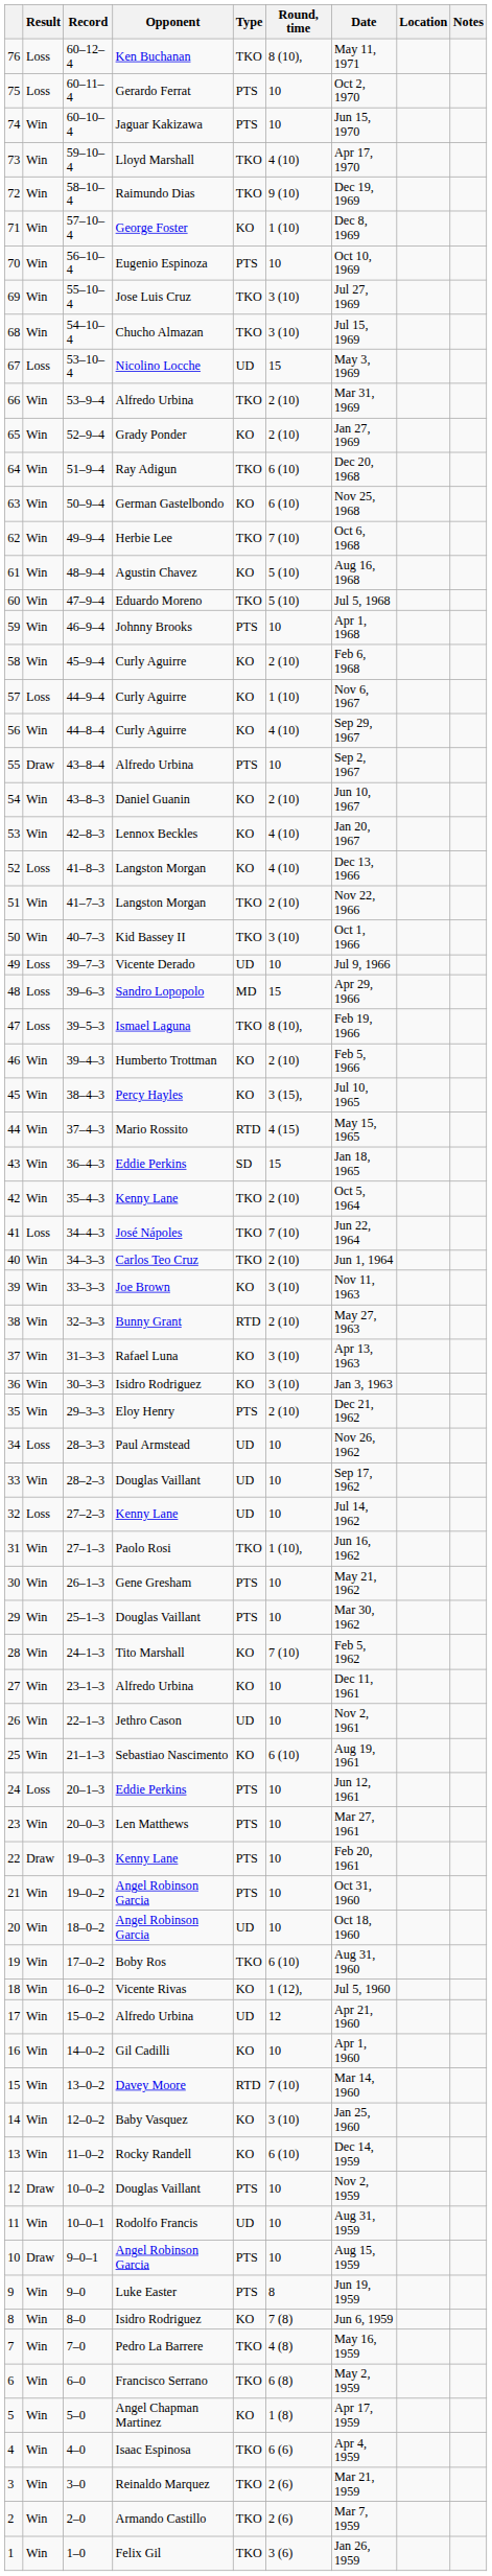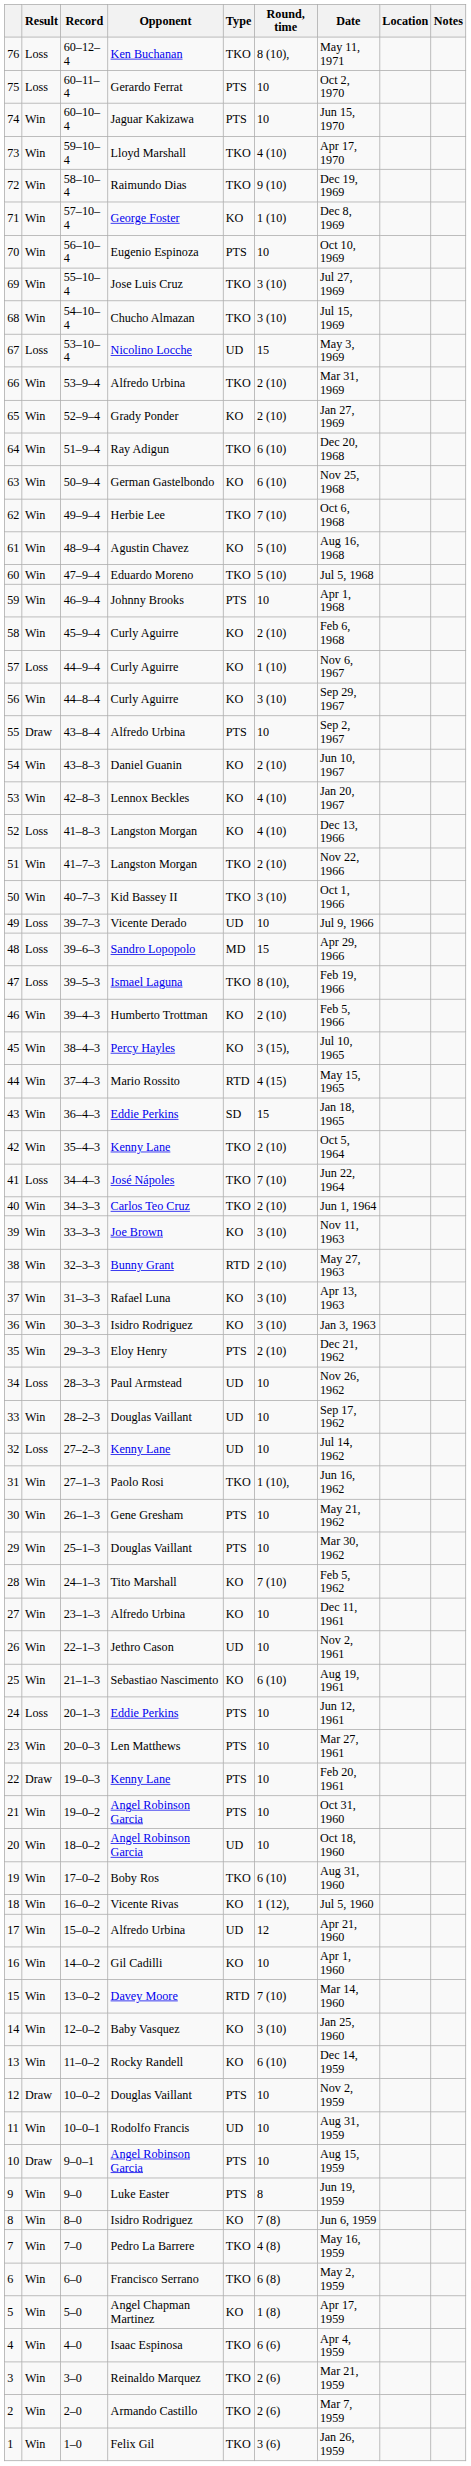 <table class="wikitable" style=align:center>
 <tr>
 <th></th>
 <th>Result</th>
 <th>Record</th>
 <th>Opponent</th>
 <th>Type</th>
 <th>Round, time</th>
 <th>Date</th>
 <th>Location</th>
 <th>Notes</th>
 </tr>
 <tr>
 <td>76</td>
 <td>Loss</td>
 <td>60–12–4</td>
 <td align=left><a href='#'>Ken Buchanan</a></td>
 <td>TKO</td>
 <td>8 (10), </td>
 <td>May 11, 1971</td>
 <td align=left></td>
 <td align=left></td>
 </tr>
 <tr>
 <td>75</td>
 <td>Loss</td>
 <td>60–11–4</td>
 <td align=left>Gerardo Ferrat</td>
 <td>PTS</td>
 <td>10</td>
 <td>Oct 2, 1970</td>
 <td align=left></td>
 <td align=left></td>
 </tr>
 <tr>
 <td>74</td>
 <td>Win</td>
 <td>60–10–4</td>
 <td align=left>Jaguar Kakizawa</td>
 <td>PTS</td>
 <td>10</td>
 <td>Jun 15, 1970</td>
 <td align=left></td>
 <td align=left></td>
 </tr>
 <tr>
 <td>73</td>
 <td>Win</td>
 <td>59–10–4</td>
 <td align=left>Lloyd Marshall</td>
 <td>TKO</td>
 <td>4 (10)</td>
 <td>Apr 17, 1970</td>
 <td align=left></td>
 <td align=left></td>
 </tr>
 <tr>
 <td>72</td>
 <td>Win</td>
 <td>58–10–4</td>
 <td align=left>Raimundo Dias</td>
 <td>TKO</td>
 <td>9 (10)</td>
 <td>Dec 19, 1969</td>
 <td align=left></td>
 <td align=left></td>
 </tr>
 <tr>
 <td>71</td>
 <td>Win</td>
 <td>57–10–4</td>
 <td align=left><a href='#'>George Foster</a></td>
 <td>KO</td>
 <td>1 (10)</td>
 <td>Dec 8, 1969</td>
 <td align=left></td>
 <td align=left></td>
 </tr>
 <tr>
 <td>70</td>
 <td>Win</td>
 <td>56–10–4</td>
 <td align=left>Eugenio Espinoza</td>
 <td>PTS</td>
 <td>10</td>
 <td>Oct 10, 1969</td>
 <td align=left></td>
 <td align=left></td>
 </tr>
 <tr>
 <td>69</td>
 <td>Win</td>
 <td>55–10–4</td>
 <td align=left>Jose Luis Cruz</td>
 <td>TKO</td>
 <td>3 (10)</td>
 <td>Jul 27, 1969</td>
 <td align=left></td>
 <td align=left></td>
 </tr>
 <tr>
 <td>68</td>
 <td>Win</td>
 <td>54–10–4</td>
 <td align=left>Chucho Almazan</td>
 <td>TKO</td>
 <td>3 (10)</td>
 <td>Jul 15, 1969</td>
 <td align=left></td>
 <td align=left></td>
 </tr>
 <tr>
 <td>67</td>
 <td>Loss</td>
 <td>53–10–4</td>
 <td align=left><a href='#'>Nicolino Locche</a></td>
 <td>UD</td>
 <td>15</td>
 <td>May 3, 1969</td>
 <td align=left></td>
 <td align=left></td>
 </tr>
 <tr>
 <td>66</td>
 <td>Win</td>
 <td>53–9–4</td>
 <td align=left>Alfredo Urbina</td>
 <td>TKO</td>
 <td>2 (10)</td>
 <td>Mar 31, 1969</td>
 <td align=left></td>
 <td align=left></td>
 </tr>
 <tr>
 <td>65</td>
 <td>Win</td>
 <td>52–9–4</td>
 <td align=left>Grady Ponder</td>
 <td>KO</td>
 <td>2 (10)</td>
 <td>Jan 27, 1969</td>
 <td align=left></td>
 <td align=left></td>
 </tr>
 <tr>
 <td>64</td>
 <td>Win</td>
 <td>51–9–4</td>
 <td align=left>Ray Adigun</td>
 <td>TKO</td>
 <td>6 (10)</td>
 <td>Dec 20, 1968</td>
 <td align=left></td>
 <td align=left></td>
 </tr>
 <tr>
 <td>63</td>
 <td>Win</td>
 <td>50–9–4</td>
 <td align=left>German Gastelbondo</td>
 <td>KO</td>
 <td>6 (10)</td>
 <td>Nov 25, 1968</td>
 <td align=left></td>
 <td align=left></td>
 </tr>
 <tr>
 <td>62</td>
 <td>Win</td>
 <td>49–9–4</td>
 <td align=left>Herbie Lee</td>
 <td>TKO</td>
 <td>7 (10)</td>
 <td>Oct 6, 1968</td>
 <td align=left></td>
 <td align=left></td>
 </tr>
 <tr>
 <td>61</td>
 <td>Win</td>
 <td>48–9–4</td>
 <td align=left>Agustin Chavez</td>
 <td>KO</td>
 <td>5 (10)</td>
 <td>Aug 16, 1968</td>
 <td align=left></td>
 <td align=left></td>
 </tr>
 <tr>
 <td>60</td>
 <td>Win</td>
 <td>47–9–4</td>
 <td align=left>Eduardo Moreno</td>
 <td>TKO</td>
 <td>5 (10)</td>
 <td>Jul 5, 1968</td>
 <td align=left></td>
 <td align=left></td>
 </tr>
 <tr>
 <td>59</td>
 <td>Win</td>
 <td>46–9–4</td>
 <td align=left>Johnny Brooks</td>
 <td>PTS</td>
 <td>10</td>
 <td>Apr 1, 1968</td>
 <td align=left></td>
 <td align=left></td>
 </tr>
 <tr>
 <td>58</td>
 <td>Win</td>
 <td>45–9–4</td>
 <td align=left>Curly Aguirre</td>
 <td>KO</td>
 <td>2 (10)</td>
 <td>Feb 6, 1968</td>
 <td align=left></td>
 <td align=left></td>
 </tr>
 <tr>
 <td>57</td>
 <td>Loss</td>
 <td>44–9–4</td>
 <td align=left>Curly Aguirre</td>
 <td>KO</td>
 <td>1 (10)</td>
 <td>Nov 6, 1967</td>
 <td align=left></td>
 <td align=left></td>
 </tr>
 <tr>
 <td>56</td>
 <td>Win</td>
 <td>44–8–4</td>
 <td align=left>Curly Aguirre</td>
 <td>KO</td>
-<td>4 (10)</td>
+<td>3 (10)</td>
 <td>Sep 29, 1967</td>
 <td align=left></td>
 <td align=left></td>
 </tr>
 <tr>
 <td>55</td>
 <td>Draw</td>
 <td>43–8–4</td>
 <td align=left>Alfredo Urbina</td>
 <td>PTS</td>
 <td>10</td>
 <td>Sep 2, 1967</td>
 <td align=left></td>
 <td align=left></td>
 </tr>
 <tr>
 <td>54</td>
 <td>Win</td>
 <td>43–8–3</td>
 <td align=left>Daniel Guanin</td>
 <td>KO</td>
 <td>2 (10)</td>
 <td>Jun 10, 1967</td>
 <td align=left></td>
 <td align=left></td>
 </tr>
 <tr>
 <td>53</td>
 <td>Win</td>
 <td>42–8–3</td>
 <td align=left>Lennox Beckles</td>
 <td>KO</td>
 <td>4 (10)</td>
 <td>Jan 20, 1967</td>
 <td align=left></td>
 <td align=left></td>
 </tr>
 <tr>
 <td>52</td>
 <td>Loss</td>
 <td>41–8–3</td>
 <td align=left>Langston Morgan</td>
 <td>KO</td>
 <td>4 (10)</td>
 <td>Dec 13, 1966</td>
 <td align=left></td>
 <td align=left></td>
 </tr>
 <tr>
 <td>51</td>
 <td>Win</td>
 <td>41–7–3</td>
 <td align=left>Langston Morgan</td>
 <td>TKO</td>
 <td>2 (10)</td>
 <td>Nov 22, 1966</td>
 <td align=left></td>
 <td align=left></td>
 </tr>
 <tr>
 <td>50</td>
 <td>Win</td>
 <td>40–7–3</td>
 <td align=left>Kid Bassey II</td>
 <td>TKO</td>
 <td>3 (10)</td>
 <td>Oct 1, 1966</td>
 <td align=left></td>
 <td align=left></td>
 </tr>
 <tr>
 <td>49</td>
 <td>Loss</td>
 <td>39–7–3</td>
 <td align=left>Vicente Derado</td>
 <td>UD</td>
 <td>10</td>
 <td>Jul 9, 1966</td>
 <td align=left></td>
 <td align=left></td>
 </tr>
 <tr>
 <td>48</td>
 <td>Loss</td>
 <td>39–6–3</td>
 <td align=left><a href='#'>Sandro Lopopolo</a></td>
 <td>MD</td>
 <td>15</td>
 <td>Apr 29, 1966</td>
 <td align=left></td>
 <td align=left></td>
 </tr>
 <tr>
 <td>47</td>
 <td>Loss</td>
 <td>39–5–3</td>
 <td align=left><a href='#'>Ismael Laguna</a></td>
 <td>TKO</td>
 <td>8 (10), </td>
 <td>Feb 19, 1966</td>
 <td align=left></td>
 <td align=left></td>
 </tr>
 <tr>
 <td>46</td>
 <td>Win</td>
 <td>39–4–3</td>
 <td align=left>Humberto Trottman</td>
 <td>KO</td>
 <td>2 (10)</td>
 <td>Feb 5, 1966</td>
 <td align=left></td>
 <td align=left></td>
 </tr>
 <tr>
 <td>45</td>
 <td>Win</td>
 <td>38–4–3</td>
 <td align=left><a href='#'>Percy Hayles</a></td>
 <td>KO</td>
 <td>3 (15), </td>
 <td>Jul 10, 1965</td>
 <td align=left></td>
 <td align=left></td>
 </tr>
 <tr>
 <td>44</td>
 <td>Win</td>
 <td>37–4–3</td>
 <td align=left>Mario Rossito</td>
 <td>RTD</td>
 <td>4 (15)</td>
 <td>May 15, 1965</td>
 <td align=left></td>
 <td align=left></td>
 </tr>
 <tr>
 <td>43</td>
 <td>Win</td>
 <td>36–4–3</td>
 <td align=left><a href='#'>Eddie Perkins</a></td>
 <td>SD</td>
 <td>15</td>
 <td>Jan 18, 1965</td>
 <td align=left></td>
 <td align=left></td>
 </tr>
 <tr>
 <td>42</td>
 <td>Win</td>
 <td>35–4–3</td>
 <td align=left><a href='#'>Kenny Lane</a></td>
 <td>TKO</td>
 <td>2 (10)</td>
 <td>Oct 5, 1964</td>
 <td align=left></td>
 <td align=left></td>
 </tr>
 <tr>
 <td>41</td>
 <td>Loss</td>
 <td>34–4–3</td>
 <td align=left><a href='#'>José Nápoles</a></td>
 <td>TKO</td>
 <td>7 (10)</td>
 <td>Jun 22, 1964</td>
 <td align=left></td>
 <td align=left></td>
 </tr>
 <tr>
 <td>40</td>
 <td>Win</td>
 <td>34–3–3</td>
 <td align=left><a href='#'>Carlos Teo Cruz</a></td>
 <td>TKO</td>
 <td>2 (10)</td>
 <td>Jun 1, 1964</td>
 <td align=left></td>
 <td align=left></td>
 </tr>
 <tr>
 <td>39</td>
 <td>Win</td>
 <td>33–3–3</td>
 <td align=left><a href='#'>Joe Brown</a></td>
 <td>KO</td>
 <td>3 (10)</td>
 <td>Nov 11, 1963</td>
 <td align=left></td>
 <td align=left></td>
 </tr>
 <tr>
 <td>38</td>
 <td>Win</td>
 <td>32–3–3</td>
 <td align=left><a href='#'>Bunny Grant</a></td>
 <td>RTD</td>
 <td>2 (10)</td>
 <td>May 27, 1963</td>
 <td align=left></td>
 <td align=left></td>
 </tr>
 <tr>
 <td>37</td>
 <td>Win</td>
 <td>31–3–3</td>
 <td align=left>Rafael Luna</td>
 <td>KO</td>
 <td>3 (10)</td>
 <td>Apr 13, 1963</td>
 <td align=left></td>
 <td align=left></td>
 </tr>
 <tr>
 <td>36</td>
 <td>Win</td>
 <td>30–3–3</td>
 <td align=left>Isidro Rodriguez</td>
 <td>KO</td>
 <td>3 (10)</td>
 <td>Jan 3, 1963</td>
 <td align=left></td>
 <td align=left></td>
 </tr>
 <tr>
 <td>35</td>
 <td>Win</td>
 <td>29–3–3</td>
 <td align=left>Eloy Henry</td>
 <td>PTS</td>
 <td>2 (10)</td>
 <td>Dec 21, 1962</td>
 <td align=left></td>
 <td align=left></td>
 </tr>
 <tr>
 <td>34</td>
 <td>Loss</td>
 <td>28–3–3</td>
 <td align=left>Paul Armstead</td>
 <td>UD</td>
 <td>10</td>
 <td>Nov 26, 1962</td>
 <td align=left></td>
 <td align=left></td>
 </tr>
 <tr>
 <td>33</td>
 <td>Win</td>
 <td>28–2–3</td>
 <td align=left>Douglas Vaillant</td>
 <td>UD</td>
 <td>10</td>
 <td>Sep 17, 1962</td>
 <td align=left></td>
 <td align=left></td>
 </tr>
 <tr>
 <td>32</td>
 <td>Loss</td>
 <td>27–2–3</td>
 <td align=left><a href='#'>Kenny Lane</a></td>
 <td>UD</td>
 <td>10</td>
 <td>Jul 14, 1962</td>
 <td align=left></td>
 <td align=left></td>
 </tr>
 <tr>
 <td>31</td>
 <td>Win</td>
 <td>27–1–3</td>
 <td align=left>Paolo Rosi</td>
 <td>TKO</td>
 <td>1 (10), </td>
 <td>Jun 16, 1962</td>
 <td align=left></td>
 <td align=left></td>
 </tr>
 <tr>
 <td>30</td>
 <td>Win</td>
 <td>26–1–3</td>
 <td align=left>Gene Gresham</td>
 <td>PTS</td>
 <td>10</td>
 <td>May 21, 1962</td>
 <td align=left></td>
 <td align=left></td>
 </tr>
 <tr>
 <td>29</td>
 <td>Win</td>
 <td>25–1–3</td>
 <td align=left>Douglas Vaillant</td>
 <td>PTS</td>
 <td>10</td>
 <td>Mar 30, 1962</td>
 <td align=left></td>
 <td align=left></td>
 </tr>
 <tr>
 <td>28</td>
 <td>Win</td>
 <td>24–1–3</td>
 <td align=left>Tito Marshall</td>
 <td>KO</td>
 <td>7 (10)</td>
 <td>Feb 5, 1962</td>
 <td align=left></td>
 <td align=left></td>
 </tr>
 <tr>
 <td>27</td>
 <td>Win</td>
 <td>23–1–3</td>
 <td align=left>Alfredo Urbina</td>
 <td>KO</td>
 <td>10</td>
 <td>Dec 11, 1961</td>
 <td align=left></td>
 <td align=left></td>
 </tr>
 <tr>
 <td>26</td>
 <td>Win</td>
 <td>22–1–3</td>
 <td align=left>Jethro Cason</td>
 <td>UD</td>
 <td>10</td>
 <td>Nov 2, 1961</td>
 <td align=left></td>
 <td align=left></td>
 </tr>
 <tr>
 <td>25</td>
 <td>Win</td>
 <td>21–1–3</td>
 <td align=left>Sebastiao Nascimento</td>
 <td>KO</td>
 <td>6 (10)</td>
 <td>Aug 19, 1961</td>
 <td align=left></td>
 <td align=left></td>
 </tr>
 <tr>
 <td>24</td>
 <td>Loss</td>
 <td>20–1–3</td>
 <td align=left><a href='#'>Eddie Perkins</a></td>
 <td>PTS</td>
 <td>10</td>
 <td>Jun 12, 1961</td>
 <td align=left></td>
 <td align=left></td>
 </tr>
 <tr>
 <td>23</td>
 <td>Win</td>
 <td>20–0–3</td>
 <td align=left>Len Matthews</td>
 <td>PTS</td>
 <td>10</td>
 <td>Mar 27, 1961</td>
 <td align=left></td>
 <td align=left></td>
 </tr>
 <tr>
 <td>22</td>
 <td>Draw</td>
 <td>19–0–3</td>
 <td align=left><a href='#'>Kenny Lane</a></td>
 <td>PTS</td>
 <td>10</td>
 <td>Feb 20, 1961</td>
 <td align=left></td>
 <td align=left></td>
 </tr>
 <tr>
 <td>21</td>
 <td>Win</td>
 <td>19–0–2</td>
 <td align=left><a href='#'>Angel Robinson Garcia</a></td>
 <td>PTS</td>
 <td>10</td>
 <td>Oct 31, 1960</td>
 <td align=left></td>
 <td align=left></td>
 </tr>
 <tr>
 <td>20</td>
 <td>Win</td>
 <td>18–0–2</td>
 <td align=left><a href='#'>Angel Robinson Garcia</a></td>
 <td>UD</td>
 <td>10</td>
 <td>Oct 18, 1960</td>
 <td align=left></td>
 <td align=left></td>
 </tr>
 <tr>
 <td>19</td>
 <td>Win</td>
 <td>17–0–2</td>
 <td align=left>Boby Ros</td>
 <td>TKO</td>
 <td>6 (10)</td>
 <td>Aug 31, 1960</td>
 <td align=left></td>
 <td align=left></td>
 </tr>
 <tr>
 <td>18</td>
 <td>Win</td>
 <td>16–0–2</td>
 <td align=left>Vicente Rivas</td>
 <td>KO</td>
 <td>1 (12), </td>
 <td>Jul 5, 1960</td>
 <td align=left></td>
 <td align=left></td>
 </tr>
 <tr>
 <td>17</td>
 <td>Win</td>
 <td>15–0–2</td>
 <td align=left>Alfredo Urbina</td>
 <td>UD</td>
 <td>12</td>
 <td>Apr 21, 1960</td>
 <td align=left></td>
 <td align=left></td>
 </tr>
 <tr>
 <td>16</td>
 <td>Win</td>
 <td>14–0–2</td>
 <td align=left>Gil Cadilli</td>
 <td>KO</td>
 <td>10</td>
 <td>Apr 1, 1960</td>
 <td align=left></td>
 <td align=left></td>
 </tr>
 <tr>
 <td>15</td>
 <td>Win</td>
 <td>13–0–2</td>
 <td align=left><a href='#'>Davey Moore</a></td>
 <td>RTD</td>
 <td>7 (10)</td>
 <td>Mar 14, 1960</td>
 <td align=left></td>
 <td align=left></td>
 </tr>
 <tr>
 <td>14</td>
 <td>Win</td>
 <td>12–0–2</td>
 <td align=left>Baby Vasquez</td>
 <td>KO</td>
 <td>3 (10)</td>
 <td>Jan 25, 1960</td>
 <td align=left></td>
 <td align=left></td>
 </tr>
 <tr>
 <td>13</td>
 <td>Win</td>
 <td>11–0–2</td>
 <td align=left>Rocky Randell</td>
 <td>KO</td>
 <td>6 (10)</td>
 <td>Dec 14, 1959</td>
 <td align=left></td>
 <td align=left></td>
 </tr>
 <tr>
 <td>12</td>
 <td>Draw</td>
 <td>10–0–2</td>
 <td align=left>Douglas Vaillant</td>
 <td>PTS</td>
 <td>10</td>
 <td>Nov 2, 1959</td>
 <td align=left></td>
 <td align=left></td>
 </tr>
 <tr>
 <td>11</td>
 <td>Win</td>
 <td>10–0–1</td>
 <td align=left>Rodolfo Francis</td>
 <td>UD</td>
 <td>10</td>
 <td>Aug 31, 1959</td>
 <td align=left></td>
 <td align=left></td>
 </tr>
 <tr>
 <td>10</td>
 <td>Draw</td>
 <td>9–0–1</td>
 <td align=left><a href='#'>Angel Robinson Garcia</a></td>
 <td>PTS</td>
 <td>10</td>
 <td>Aug 15, 1959</td>
 <td align=left></td>
 <td align=left></td>
 </tr>
 <tr>
 <td>9</td>
 <td>Win</td>
 <td>9–0</td>
 <td align=left>Luke Easter</td>
 <td>PTS</td>
 <td>8</td>
 <td>Jun 19, 1959</td>
 <td align=left></td>
 <td align=left></td>
 </tr>
 <tr>
 <td>8</td>
 <td>Win</td>
 <td>8–0</td>
 <td align=left>Isidro Rodriguez</td>
 <td>KO</td>
 <td>7 (8)</td>
 <td>Jun 6, 1959</td>
 <td align=left></td>
 <td align=left></td>
 </tr>
 <tr>
 <td>7</td>
 <td>Win</td>
 <td>7–0</td>
 <td align=left>Pedro La Barrere</td>
 <td>TKO</td>
 <td>4 (8)</td>
 <td>May 16, 1959</td>
 <td align=left></td>
 <td align=left></td>
 </tr>
 <tr>
 <td>6</td>
 <td>Win</td>
 <td>6–0</td>
 <td align=left>Francisco Serrano</td>
 <td>TKO</td>
 <td>6 (8)</td>
 <td>May 2, 1959</td>
 <td align=left></td>
 <td align=left></td>
 </tr>
 <tr>
 <td>5</td>
 <td>Win</td>
 <td>5–0</td>
 <td align=left>Angel Chapman Martinez</td>
 <td>KO</td>
 <td>1 (8)</td>
 <td>Apr 17, 1959</td>
 <td align=left></td>
 <td align=left></td>
 </tr>
 <tr>
 <td>4</td>
 <td>Win</td>
 <td>4–0</td>
 <td align=left>Isaac Espinosa</td>
 <td>TKO</td>
 <td>6 (6)</td>
 <td>Apr 4, 1959</td>
 <td align=left></td>
 <td align=left></td>
 </tr>
 <tr>
 <td>3</td>
 <td>Win</td>
 <td>3–0</td>
 <td align=left>Reinaldo Marquez</td>
 <td>TKO</td>
 <td>2 (6)</td>
 <td>Mar 21, 1959</td>
 <td align=left></td>
 <td align=left></td>
 </tr>
 <tr>
 <td>2</td>
 <td>Win</td>
 <td>2–0</td>
 <td align=left>Armando Castillo</td>
 <td>TKO</td>
 <td>2 (6)</td>
 <td>Mar 7, 1959</td>
 <td align=left></td>
 <td align=left></td>
 </tr>
 <tr>
 <td>1</td>
 <td>Win</td>
 <td>1–0</td>
 <td align=left>Felix Gil</td>
 <td>TKO</td>
 <td>3 (6)</td>
 <td>Jan 26, 1959</td>
 <td align=left></td>
 <td align=left></td>
 </tr>
 </table>
